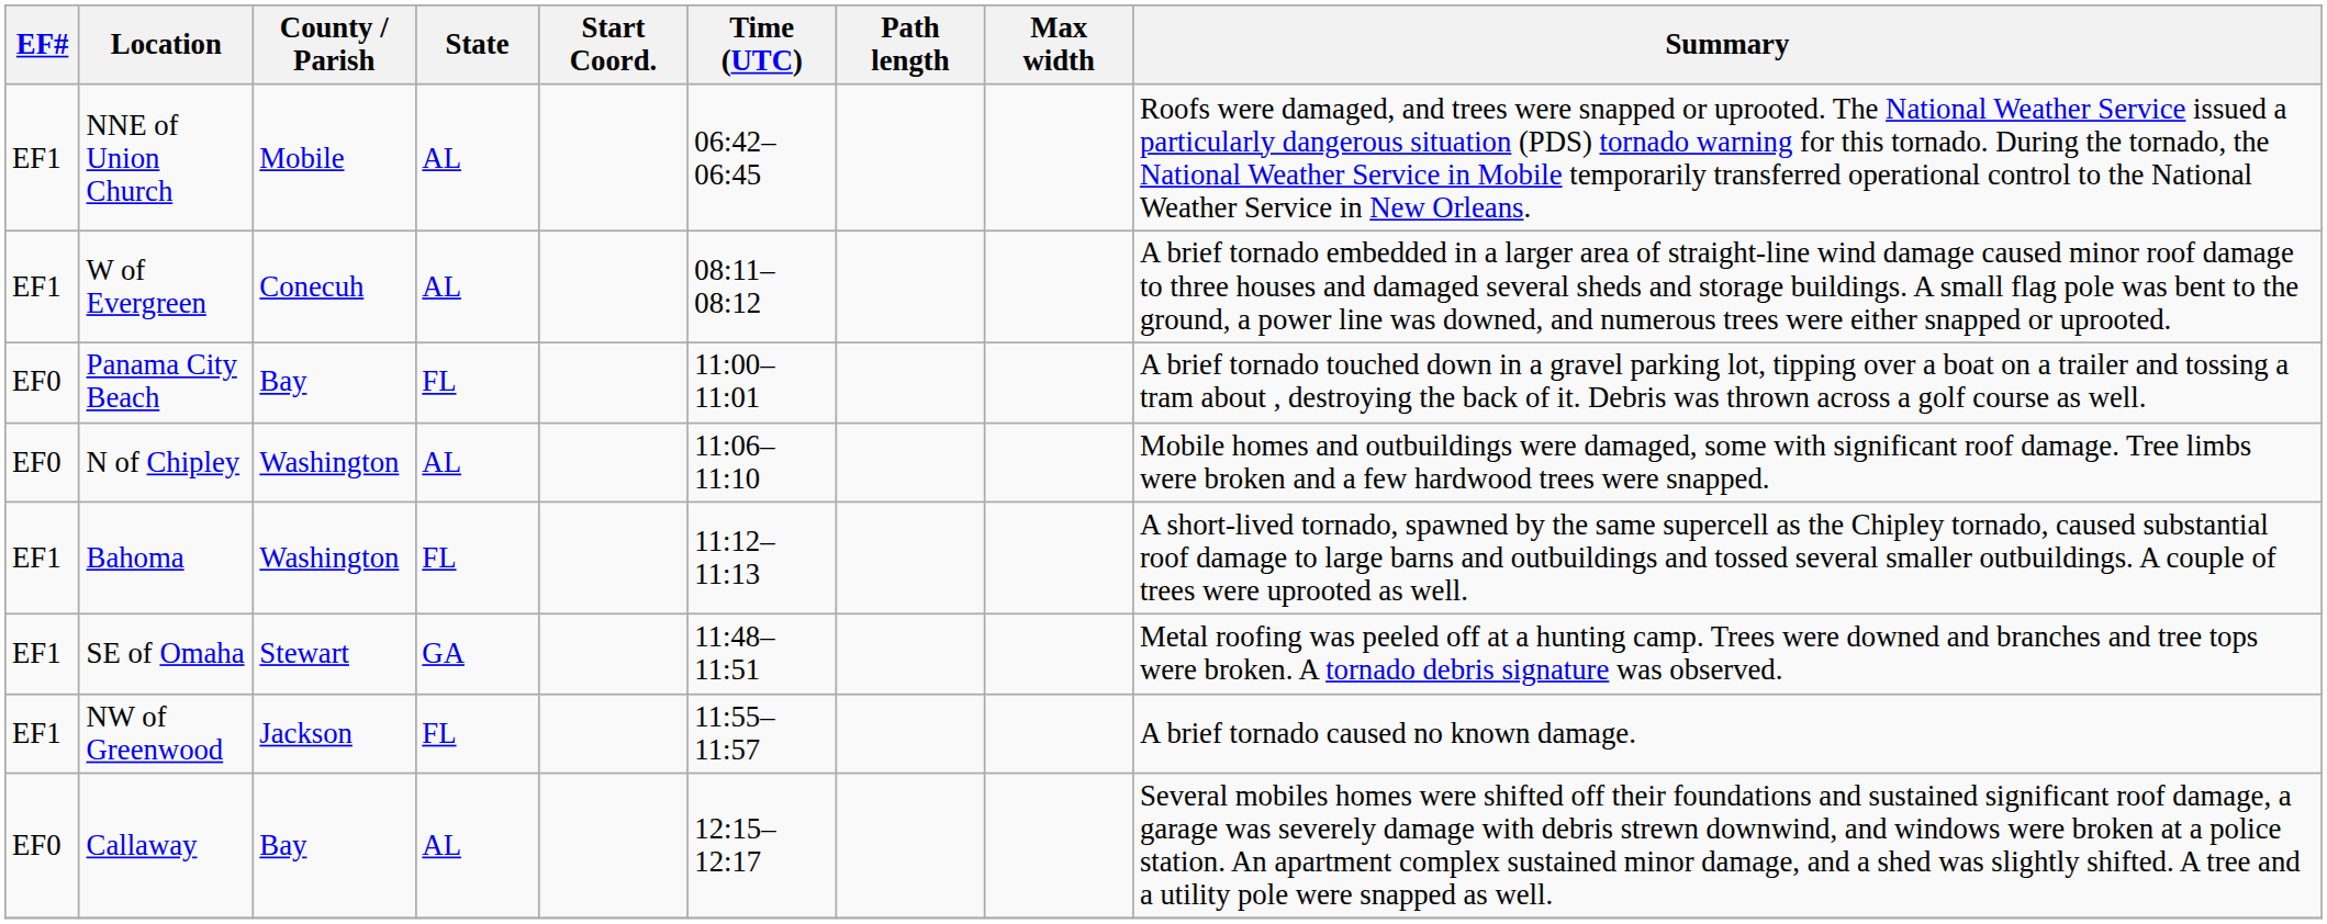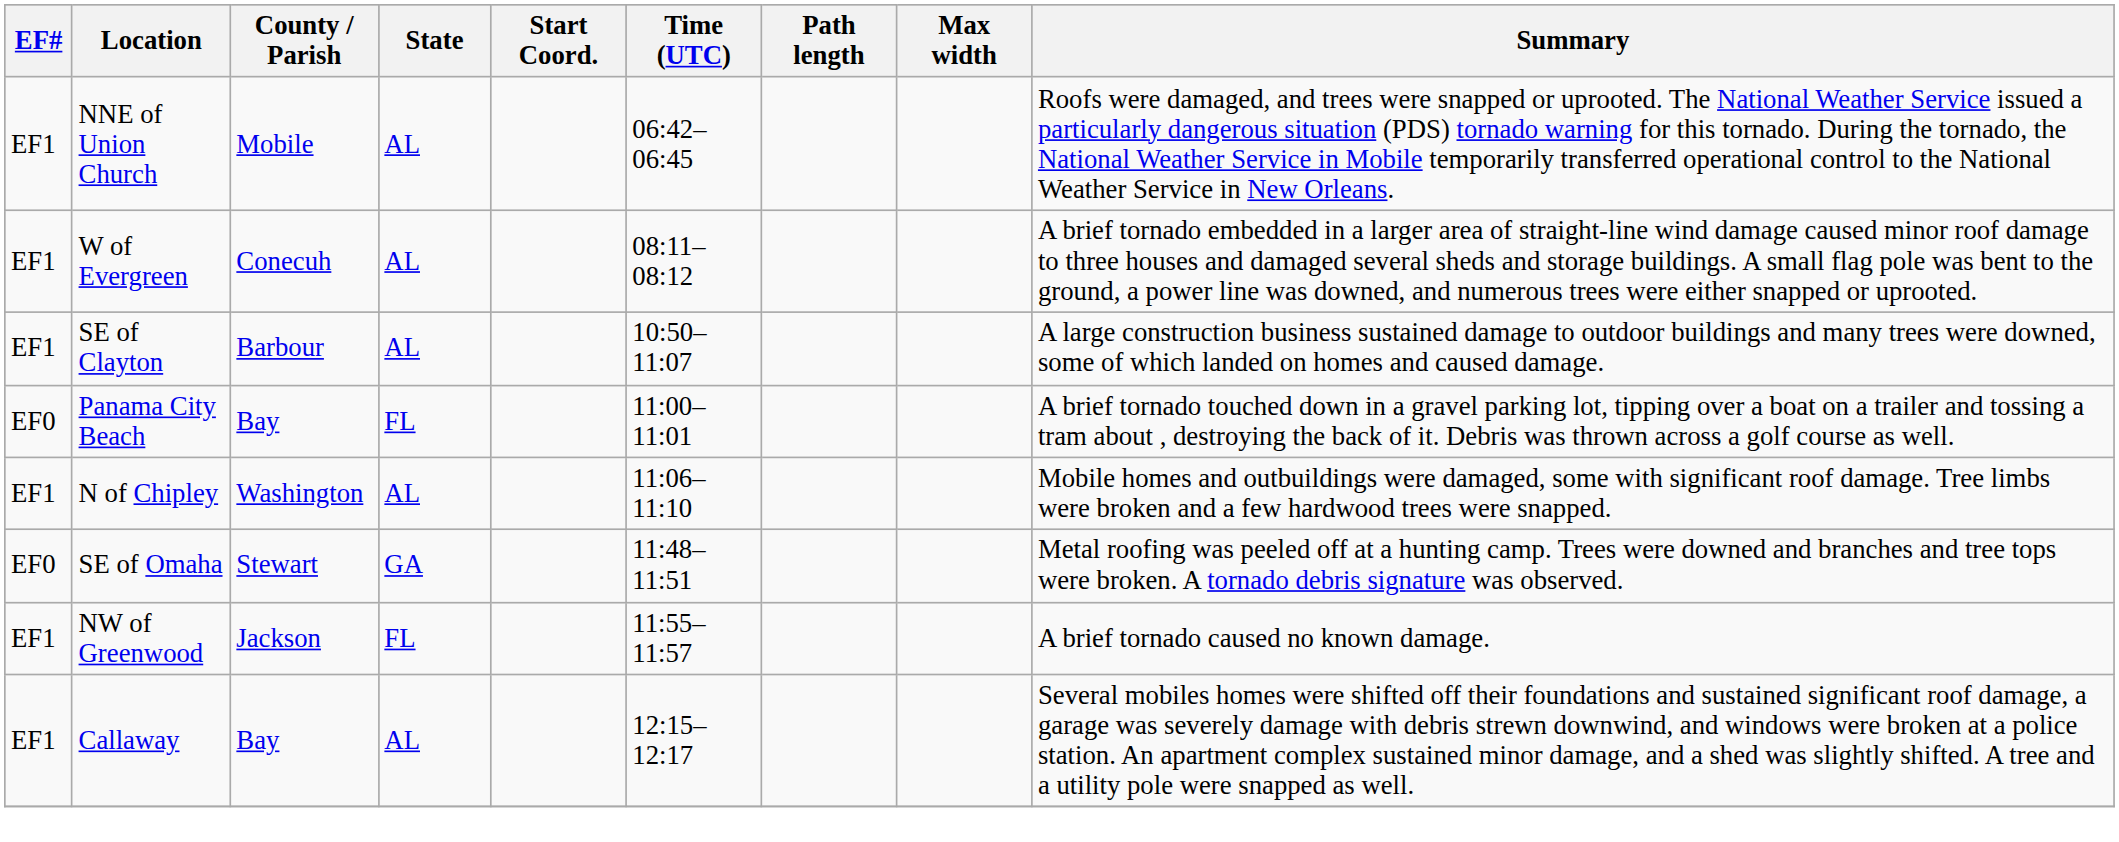 <table class="wikitable sortable" style="width:100%;">
 <tr>
 <th scope="col"  style="width:3%; text-align:center;"><a href='#'>EF#</a></th>
 <th scope="col"  style="width:7%; text-align:center;" class="unsortable">Location</th>
 <th scope="col"  style="width:6%; text-align:center;" class="unsortable">County / Parish</th>
 <th scope="col"  style="width:5%; text-align:center;">State</th>
 <th scope="col"  style="width:6%; text-align:center;">Start Coord.</th>
 <th scope="col"  style="width:6%; text-align:center;">Time (<a href='#'>UTC</a>)</th>
 <th scope="col"  style="width:6%; text-align:center;">Path length</th>
 <th scope="col"  style="width:6%; text-align:center;">Max width</th>
 <th scope="col" class="unsortable" style="width:48%; text-align:center;">Summary</th>
 </tr>
 <tr>
 <td>EF1</td>
 <td>NNE of <a href='#'>Union Church</a></td>
 <td><a href='#'>Mobile</a></td>
 <td><a href='#'>AL</a></td>
 <td></td>
 <td>06:42–06:45</td>
 <td></td>
 <td></td>
 <td>Roofs were damaged, and trees were snapped or uprooted. The <a href='#'>National Weather Service</a> issued a <a href='#'>particularly dangerous situation</a> (PDS) <a href='#'>tornado warning</a> for this tornado. During the tornado, the <a href='#'>National Weather Service in Mobile</a> temporarily transferred operational control to the National Weather Service in <a href='#'>New Orleans</a>.</td>
 </tr>
 <tr>
 <td>EF1</td>
 <td>W of <a href='#'>Evergreen</a></td>
 <td><a href='#'>Conecuh</a></td>
 <td><a href='#'>AL</a></td>
 <td></td>
 <td>08:11–08:12</td>
 <td></td>
 <td></td>
 <td>A brief tornado embedded in a larger area of straight-line wind damage caused minor roof damage to three houses and damaged several sheds and storage buildings. A small flag pole was bent to the ground, a power line was downed, and numerous trees were either snapped or uprooted.</td>
 </tr>
 <tr>
+<td>EF1</td>
+<td>SE of <a href='#'>Clayton</a></td>
+<td><a href='#'>Barbour</a></td>
+<td><a href='#'>AL</a></td>
+<td></td>
+<td>10:50–11:07</td>
+<td></td>
+<td></td>
+<td>A large construction business sustained damage to outdoor buildings and many trees were downed, some of which landed on homes and caused damage.</td>
+</tr>
+<tr>
 <td>EF0</td>
 <td><a href='#'>Panama City Beach</a></td>
 <td><a href='#'>Bay</a></td>
 <td><a href='#'>FL</a></td>
 <td></td>
 <td>11:00–11:01</td>
 <td></td>
 <td></td>
 <td>A brief tornado touched down in a gravel parking lot, tipping over a boat on a trailer and tossing a tram about , destroying the back of it. Debris was thrown across a golf course as well.</td>
 </tr>
 <tr>
-<td>EF0</td>
+<td>EF1</td>
 <td>N of <a href='#'>Chipley</a></td>
 <td><a href='#'>Washington</a></td>
 <td><a href='#'>AL</a></td>
 <td></td>
 <td>11:06–11:10</td>
 <td></td>
 <td></td>
 <td>Mobile homes and outbuildings were damaged, some with significant roof damage. Tree limbs were broken and a few hardwood trees were snapped.</td>
 </tr>
 <tr>
-<td>EF1</td>
-<td><a href='#'>Bahoma</a></td>
-<td><a href='#'>Washington</a></td>
-<td><a href='#'>FL</a></td>
-<td></td>
-<td>11:12–11:13</td>
-<td></td>
-<td></td>
-<td>A short-lived tornado, spawned by the same supercell as the Chipley tornado, caused substantial roof damage to large barns and outbuildings and tossed several smaller outbuildings. A couple of trees were uprooted as well.</td>
-</tr>
-<tr>
-<td>EF1</td>
+<td>EF0</td>
 <td>SE of <a href='#'>Omaha</a></td>
 <td><a href='#'>Stewart</a></td>
 <td><a href='#'>GA</a></td>
 <td></td>
 <td>11:48–11:51</td>
 <td></td>
 <td></td>
 <td>Metal roofing was peeled off at a hunting camp. Trees were downed and branches and tree tops were broken. A <a href='#'>tornado debris signature</a> was observed.</td>
 </tr>
 <tr>
 <td>EF1</td>
 <td>NW of <a href='#'>Greenwood</a></td>
 <td><a href='#'>Jackson</a></td>
 <td><a href='#'>FL</a></td>
 <td></td>
 <td>11:55–11:57</td>
 <td></td>
 <td></td>
 <td>A brief tornado caused no known damage.</td>
 </tr>
 <tr>
-<td>EF0</td>
+<td>EF1</td>
 <td><a href='#'>Callaway</a></td>
 <td><a href='#'>Bay</a></td>
 <td><a href='#'>AL</a></td>
 <td></td>
 <td>12:15–12:17</td>
 <td></td>
 <td></td>
 <td>Several mobiles homes were shifted off their foundations and sustained significant roof damage, a garage was severely damage with debris strewn downwind, and windows were broken at a police station. An apartment complex sustained minor damage, and a shed was slightly shifted. A tree and a utility pole were snapped as well.</td>
 </tr>
 <tr>
 </tr>
 </table>
